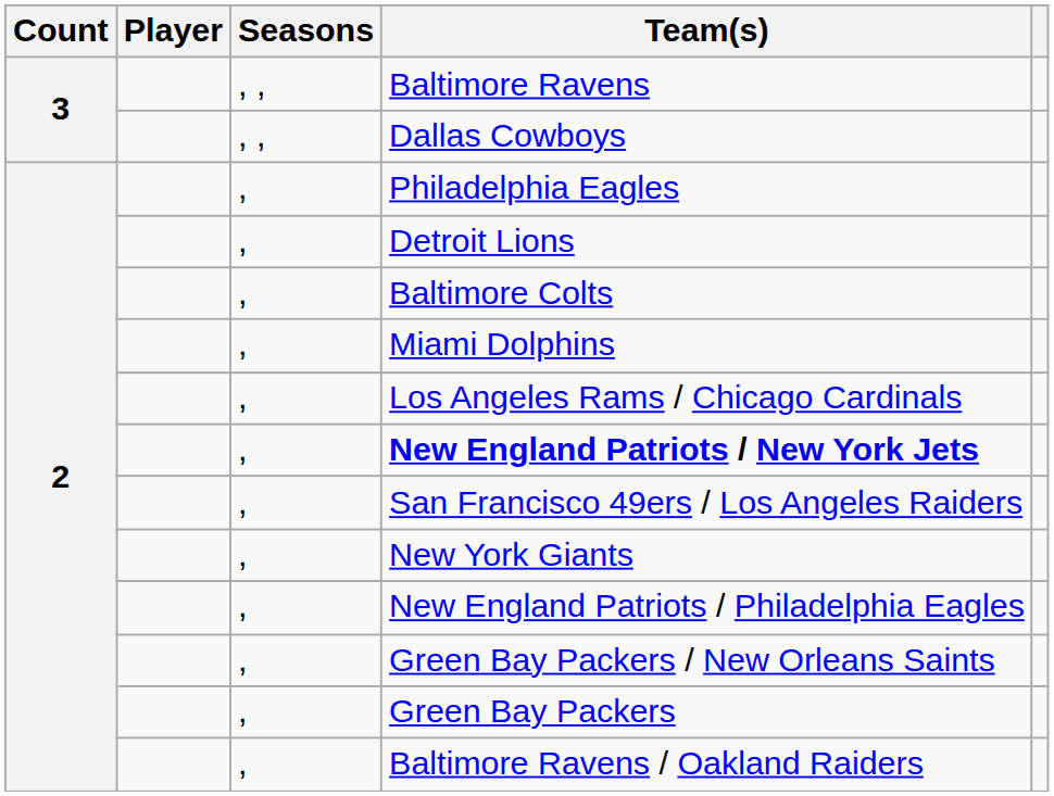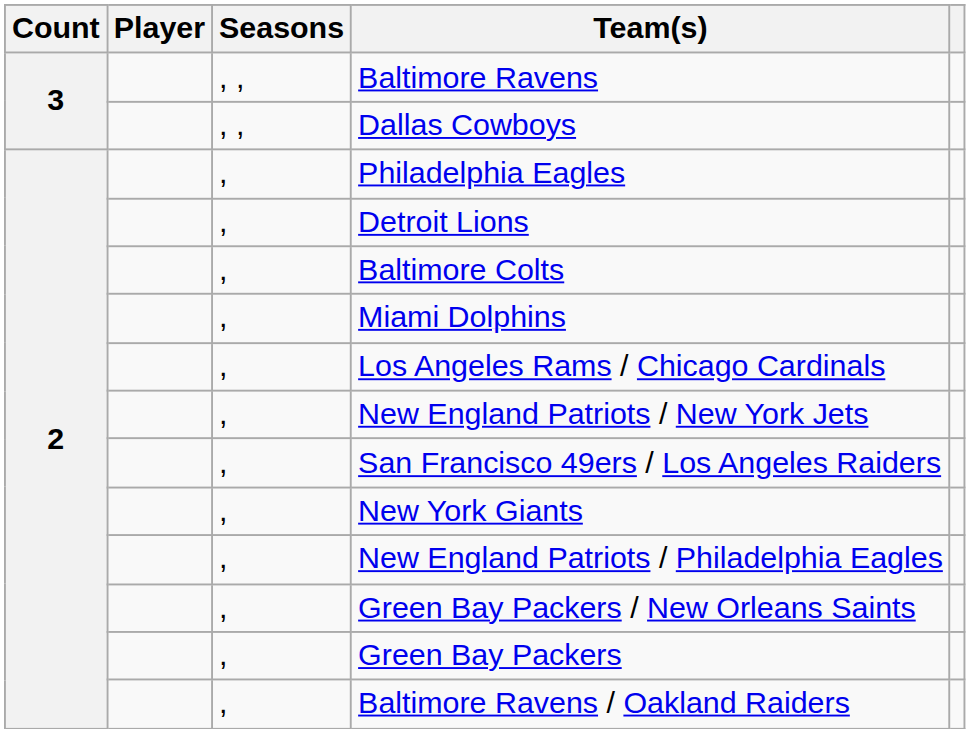 <table class="sortable wikitable">
 <tr>
 <th scope=col>Count</th>
 <th scope=col>Player</th>
 <th scope=col class= "unsortable">Seasons</th>
 <th scope=col class= "unsortable">Team(s)</th>
 <th scope=col class= "unsortable"></th>
 </tr>
 <tr>
 <th scope=rowgroup rowspan=2>3</th>
 <td></td>
 <td>, , </td>
 <td><a href='#'>Baltimore Ravens</a></td>
 <td></td>
 </tr>
 <tr>
 <td></td>
 <td>, , </td>
 <td><a href='#'>Dallas Cowboys</a></td>
 <td></td>
 </tr>
 <tr>
 <th scope=rowgroup rowspan=12>2</th>
 <td></td>
 <td>, </td>
 <td><a href='#'>Philadelphia Eagles</a></td>
 <td></td>
 </tr>
 <tr>
 <td></td>
 <td>, </td>
 <td><a href='#'>Detroit Lions</a></td>
 <td></td>
 </tr>
 <tr>
 <td></td>
 <td>, </td>
 <td><a href='#'>Baltimore Colts</a></td>
 <td></td>
 </tr>
 <tr>
 <td></td>
 <td>, </td>
 <td><a href='#'>Miami Dolphins</a></td>
 <td></td>
 </tr>
 <tr>
 <td></td>
 <td>, </td>
 <td><a href='#'>Los Angeles Rams</a> / <a href='#'>Chicago Cardinals</a></td>
 <td></td>
 </tr>
 <tr>
 <td></td>
 <td>, </td>
-<td><strong><a href='#'>New England Patriots</a> / <a href='#'>New York Jets</a></strong></td>
+<td><a href='#'>New England Patriots</a> / <a href='#'>New York Jets</a></td>
 <td></td>
 </tr>
 <tr>
 <td></td>
 <td>, </td>
 <td><a href='#'>San Francisco 49ers</a> / <a href='#'>Los Angeles Raiders</a></td>
 <td></td>
 </tr>
 <tr>
 <td></td>
 <td>, </td>
 <td><a href='#'>New York Giants</a></td>
 <td></td>
 </tr>
 <tr>
 <td></td>
 <td>, </td>
 <td><a href='#'>New England Patriots</a> / <a href='#'>Philadelphia Eagles</a></td>
 <td></td>
 </tr>
 <tr>
 <td></td>
 <td>, </td>
 <td><a href='#'>Green Bay Packers</a> / <a href='#'>New Orleans Saints</a></td>
 <td></td>
 </tr>
 <tr>
 <td></td>
 <td>, </td>
 <td><a href='#'>Green Bay Packers</a></td>
 <td></td>
 </tr>
 <tr>
 <td></td>
 <td>, </td>
 <td><a href='#'>Baltimore Ravens</a> / <a href='#'>Oakland Raiders</a></td>
 <td></td>
 </tr>
 </table>
